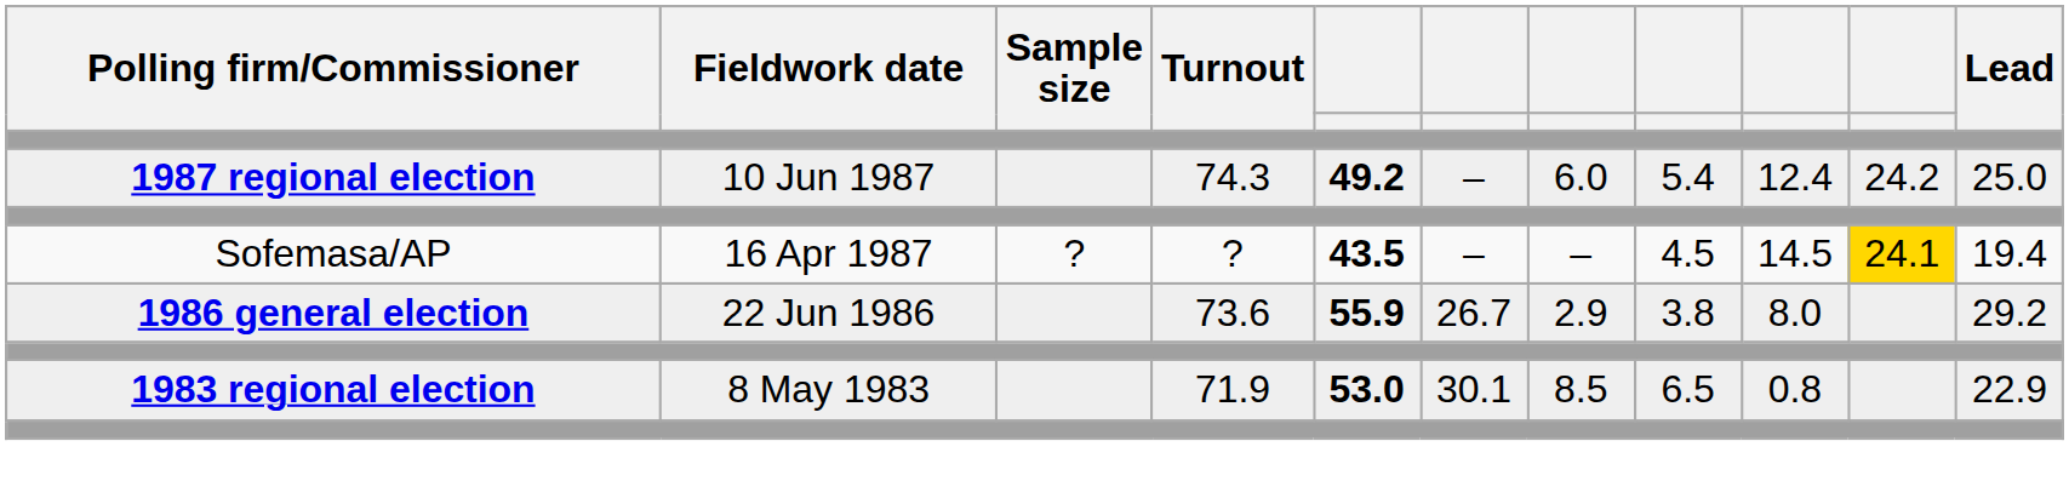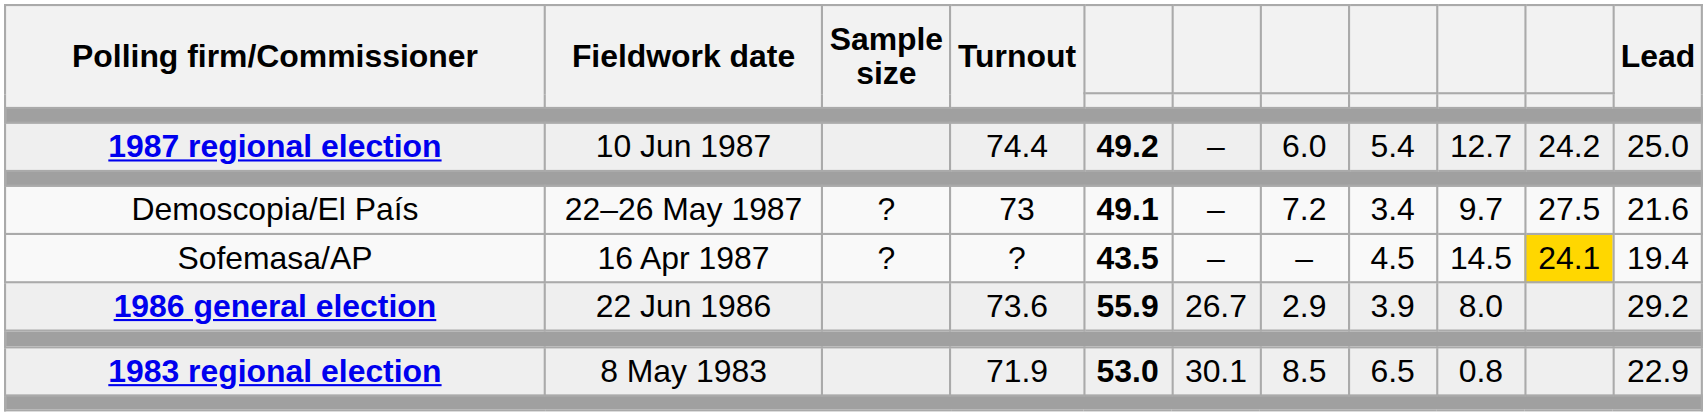 <table class="wikitable collapsible collapsed" style="text-align:center; font-size:95%; line-height:16px;">
 <tr style="height:42px;">
 <th style="width:250px;" rowspan="2">Polling firm/Commissioner</th>
 <th style="width:125px;" rowspan="2">Fieldwork date</th>
 <th style="width:50px;" rowspan="2">Sample size</th>
 <th style="width:45px;" rowspan="2">Turnout</th>
 <th style="width:35px;"></th>
 <th style="width:35px;"></th>
 <th style="width:35px;"></th>
 <th style="width:35px;"></th>
 <th style="width:35px;"></th>
 <th style="width:35px;"></th>
 <th style="width:30px;" rowspan="2">Lead</th>
 </tr>
 <tr>
 <th style="color:inherit;background:"></th>
 <th style="color:inherit;background:"></th>
 <th style="color:inherit;background:"></th>
 <th style="color:inherit;background:"></th>
 <th style="color:inherit;background:"></th>
 <th style="color:inherit;background:"></th>
 </tr>
 <tr>
 <td colspan="11" style="background:#A0A0A0"></td>
 </tr>
 <tr style="background:#EFEFEF;">
 <td><strong><a href='#'>1987 regional election</a></strong></td>
 <td>10 Jun 1987</td>
 <td></td>
-<td>74.3</td>
+<td>74.4</td>
 <td><strong>49.2</strong><br></td>
 <td>–</td>
 <td>6.0<br></td>
 <td>5.4<br></td>
-<td>12.4<br></td>
+<td>12.7<br></td>
 <td>24.2<br></td>
 <td style="background:">25.0</td>
 </tr>
 <tr>
 <td colspan="11" style="background:#A0A0A0"></td>
+</tr>
+<tr>
+<td>Demoscopia/El País</td>
+<td>22–26 May 1987</td>
+<td>?</td>
+<td>73</td>
+<td><strong>49.1</strong><br></td>
+<td>–</td>
+<td>7.2<br></td>
+<td>3.4<br></td>
+<td>9.7<br></td>
+<td>27.5<br></td>
+<td style="background:">21.6</td>
 </tr>
 <tr>
 <td>Sofemasa/AP</td>
 <td>16 Apr 1987</td>
 <td>?</td>
 <td>?</td>
 <td><strong>43.5</strong></td>
 <td>–</td>
 <td>–</td>
 <td>4.5</td>
 <td>14.5</td>
 <td style="background: gold;">24.1</td>
 <td style="background:">19.4</td>
 </tr>
 <tr style="background:#EFEFEF;">
 <td><strong><a href='#'>1986 general election</a></strong></td>
 <td>22 Jun 1986</td>
 <td></td>
 <td>73.6</td>
 <td><strong>55.9</strong><br></td>
 <td>26.7<br></td>
 <td>2.9<br></td>
-<td>3.8<br></td>
+<td>3.9<br></td>
 <td>8.0<br></td>
 <td></td>
 <td style="background:">29.2</td>
 </tr>
 <tr>
 <td colspan="11" style="background:#A0A0A0"></td>
 </tr>
 <tr style="background:#EFEFEF;">
 <td><strong><a href='#'>1983 regional election</a></strong></td>
 <td>8 May 1983</td>
 <td></td>
 <td>71.9</td>
 <td><strong>53.0</strong><br></td>
 <td>30.1<br></td>
 <td>8.5<br></td>
 <td>6.5<br></td>
 <td>0.8<br></td>
 <td></td>
 <td style="background:">22.9</td>
 </tr>
 <tr>
 <td colspan="11" style="background:#A0A0A0"></td>
 </tr>
 </table>
